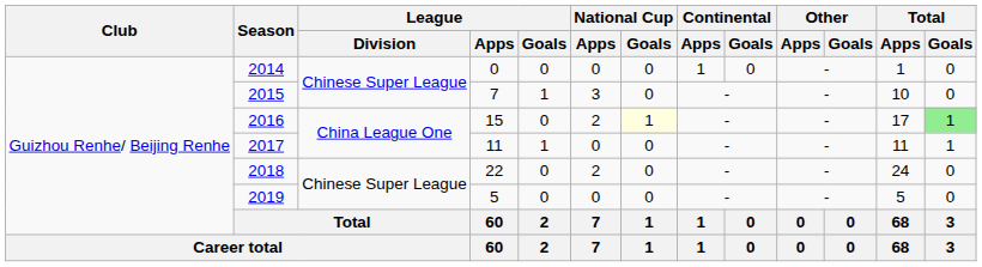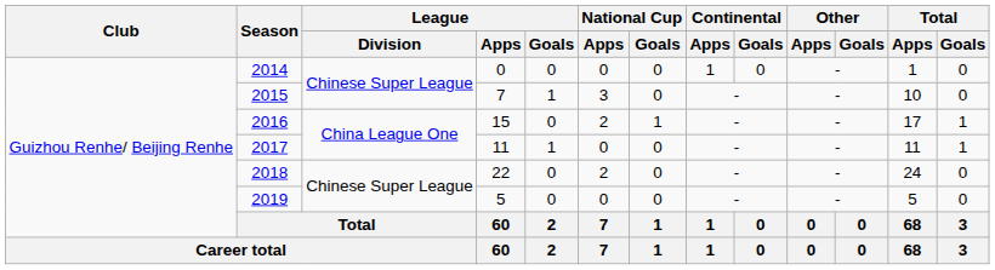 <table class="wikitable" style="text-align: center">
 <tr>
 <th rowspan="2">Club</th>
 <th rowspan="2">Season</th>
 <th colspan="3">League</th>
 <th colspan="2">National Cup</th>
 <th colspan="2">Continental</th>
 <th colspan="2">Other</th>
 <th colspan="2">Total</th>
 </tr>
 <tr>
 <th>Division</th>
 <th>Apps</th>
 <th>Goals</th>
 <th>Apps</th>
 <th>Goals</th>
 <th>Apps</th>
 <th>Goals</th>
 <th>Apps</th>
 <th>Goals</th>
 <th>Apps</th>
 <th>Goals</th>
 </tr>
 <tr>
 <td rowspan=7><a href='#'>Guizhou Renhe</a>/ <a href='#'>Beijing Renhe</a></td>
 <td><a href='#'>2014</a></td>
 <td rowspan="2"><a href='#'>Chinese Super League</a></td>
 <td>0</td>
 <td>0</td>
 <td>0</td>
 <td>0</td>
 <td>1</td>
 <td>0</td>
 <td colspan="2">-</td>
 <td>1</td>
 <td>0</td>
 </tr>
 <tr>
 <td><a href='#'>2015</a></td>
 <td>7</td>
 <td>1</td>
 <td>3</td>
 <td>0</td>
 <td colspan="2">-</td>
 <td colspan="2">-</td>
 <td>10</td>
 <td>0</td>
 </tr>
 <tr>
 <td><a href='#'>2016</a></td>
 <td rowspan="2"><a href='#'>China League One</a></td>
 <td>15</td>
 <td>0</td>
 <td>2</td>
-<td style="background: lightyellow;">1</td>
+<td>1</td>
 <td colspan="2">-</td>
 <td colspan="2">-</td>
 <td>17</td>
-<td style="background: lightgreen;">1</td>
+<td>1</td>
 </tr>
 <tr>
 <td><a href='#'>2017</a></td>
 <td>11</td>
 <td>1</td>
 <td>0</td>
 <td>0</td>
 <td colspan="2">-</td>
 <td colspan="2">-</td>
 <td>11</td>
 <td>1</td>
 </tr>
 <tr>
 <td><a href='#'>2018</a></td>
 <td rowspan=2>Chinese Super League</td>
 <td>22</td>
 <td>0</td>
 <td>2</td>
 <td>0</td>
 <td colspan="2">-</td>
 <td colspan="2">-</td>
 <td>24</td>
 <td>0</td>
 </tr>
 <tr>
 <td><a href='#'>2019</a></td>
 <td>5</td>
 <td>0</td>
 <td>0</td>
 <td>0</td>
 <td colspan="2">-</td>
 <td colspan="2">-</td>
 <td>5</td>
 <td>0</td>
 </tr>
 <tr>
 <th colspan=2>Total</th>
 <th>60</th>
 <th>2</th>
 <th>7</th>
 <th>1</th>
 <th>1</th>
 <th>0</th>
 <th>0</th>
 <th>0</th>
 <th>68</th>
 <th>3</th>
 </tr>
 <tr>
 <th colspan=3>Career total</th>
 <th>60</th>
 <th>2</th>
 <th>7</th>
 <th>1</th>
 <th>1</th>
 <th>0</th>
 <th>0</th>
 <th>0</th>
 <th>68</th>
 <th>3</th>
 </tr>
 </table>
